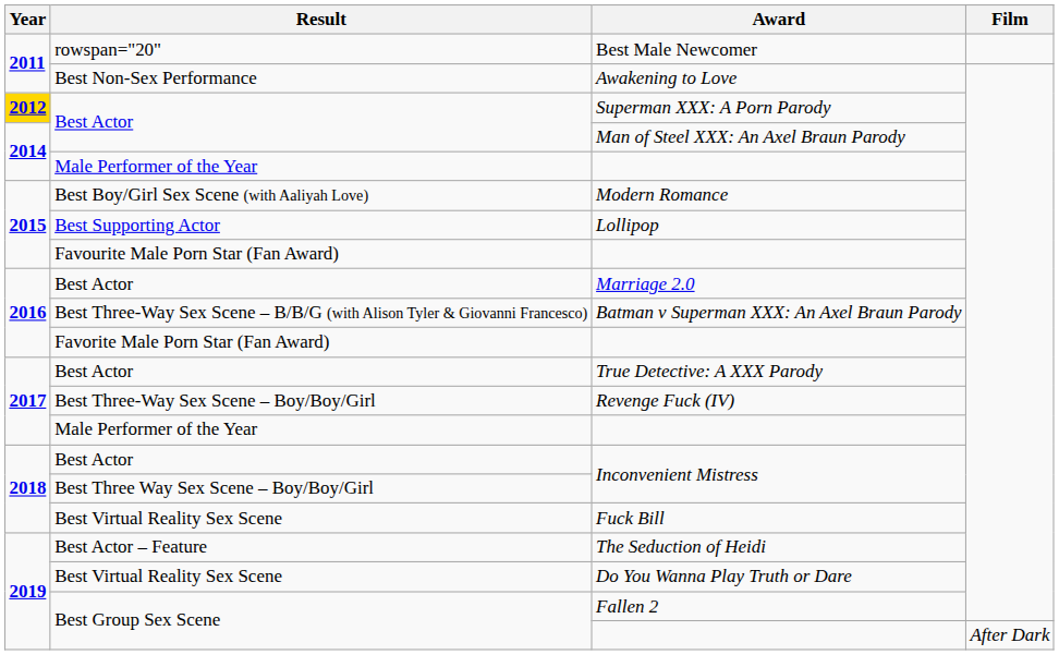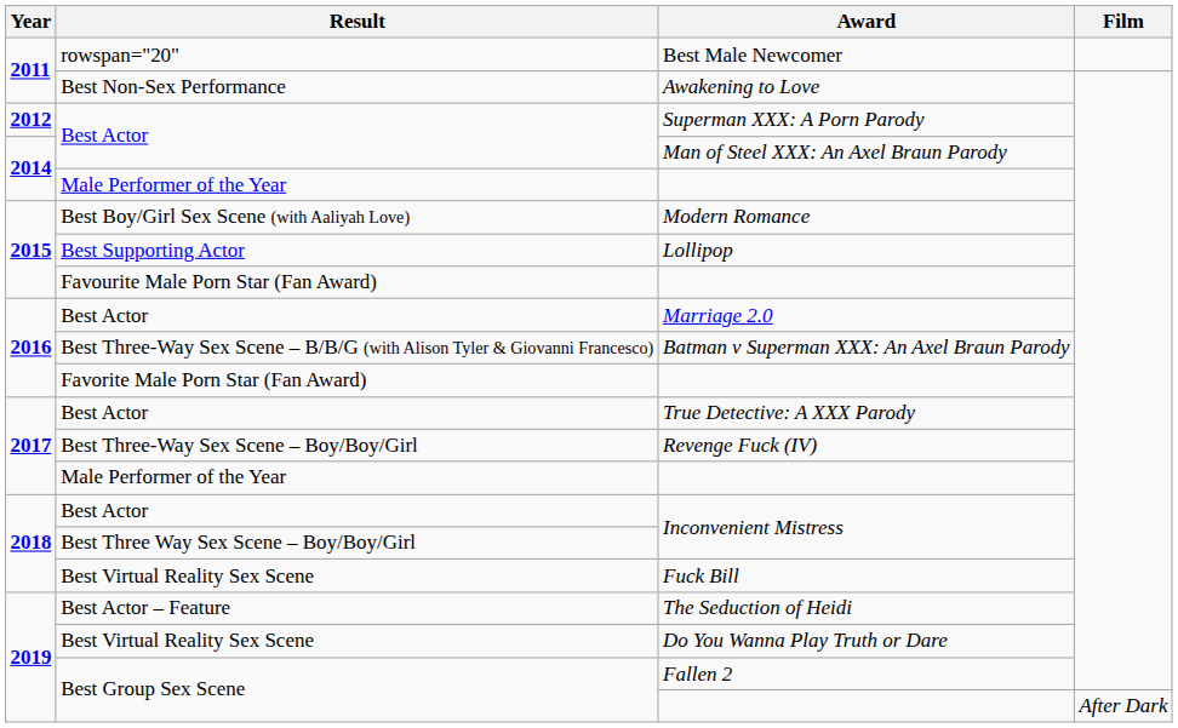 <table class="wikitable">
 <tr>
 <th>Year</th>
 <th>Result</th>
 <th>Award</th>
 <th>Film</th>
 </tr>
 <tr>
 <td rowspan="2"><strong><a href='#'>2011</a></strong></td>
 <td>rowspan="20" </td>
 <td>Best Male Newcomer</td>
 <td></td>
 </tr>
 <tr>
 <td>Best Non-Sex Performance</td>
 <td><em>Awakening to Love</em></td>
 </tr>
 <tr>
-<td style="background: gold;"><strong><a href='#'>2012</a></strong></td>
+<td><strong><a href='#'>2012</a></strong></td>
 <td rowspan="2"><a href='#'>Best Actor</a></td>
 <td><em>Superman XXX: A Porn Parody</em></td>
 </tr>
 <tr>
 <td rowspan="2"><strong><a href='#'>2014</a></strong></td>
 <td><em>Man of Steel XXX: An Axel Braun Parody</em></td>
 </tr>
 <tr>
 <td><a href='#'>Male Performer of the Year</a></td>
 <td></td>
 </tr>
 <tr>
 <td rowspan="3"><strong><a href='#'>2015</a></strong></td>
 <td>Best Boy/Girl Sex Scene <small>(with Aaliyah Love)</small></td>
 <td><em>Modern Romance</em></td>
 </tr>
 <tr>
 <td><a href='#'>Best Supporting Actor</a></td>
 <td><em>Lollipop</em></td>
 </tr>
 <tr>
 <td>Favourite Male Porn Star (Fan Award)</td>
 <td></td>
 </tr>
 <tr>
 <td rowspan="3"><strong><a href='#'>2016</a></strong></td>
 <td>Best Actor</td>
 <td><em><a href='#'>Marriage 2.0</a></em></td>
 </tr>
 <tr>
 <td>Best Three-Way Sex Scene – B/B/G <small>(with Alison Tyler & Giovanni Francesco)</small></td>
 <td><em>Batman v Superman XXX: An Axel Braun Parody</em></td>
 </tr>
 <tr>
 <td>Favorite Male Porn Star (Fan Award)</td>
 <td></td>
 </tr>
 <tr>
 <td rowspan="3"><strong><a href='#'>2017</a></strong></td>
 <td>Best Actor</td>
 <td><em>True Detective: A XXX Parody</em></td>
 </tr>
 <tr>
 <td>Best Three-Way Sex Scene – Boy/Boy/Girl</td>
 <td><em>Revenge Fuck (IV)</em></td>
 </tr>
 <tr>
 <td>Male Performer of the Year</td>
 <td></td>
 </tr>
 <tr>
 <td rowspan="3"><strong><a href='#'>2018</a></strong></td>
 <td>Best Actor</td>
 <td rowspan="2"><em>Inconvenient Mistress</em></td>
 </tr>
 <tr>
 <td>Best Three Way Sex Scene – Boy/Boy/Girl</td>
 </tr>
 <tr>
 <td>Best Virtual Reality Sex Scene</td>
 <td><em>Fuck Bill</em></td>
 </tr>
 <tr>
 <td rowspan="4"><strong><a href='#'>2019</a></strong></td>
 <td>Best Actor – Feature</td>
 <td><em>The Seduction of Heidi</em></td>
 </tr>
 <tr>
 <td>Best Virtual Reality Sex Scene</td>
 <td><em>Do You Wanna Play Truth or Dare </em></td>
 </tr>
 <tr>
 <td rowspan="2">Best Group Sex Scene</td>
 <td><em>Fallen 2</em></td>
 </tr>
 <tr>
 <td></td>
 <td><em>After Dark</em></td>
 </tr>
 </table>
